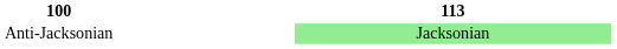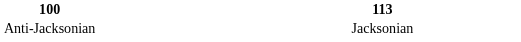 <table style="width:60%; text-align:center">
 <tr>
 <td style="background:"><strong>100</strong></td>
 <td style="background:"><strong>113</strong></td>
 </tr>
 <tr>
 <td>Anti-Jacksonian</td>
-<td style="background: lightgreen;">Jacksonian</td>
+<td>Jacksonian</td>
 </tr>
 </table>
